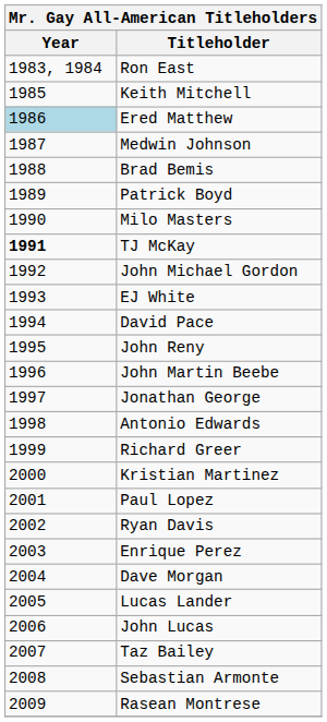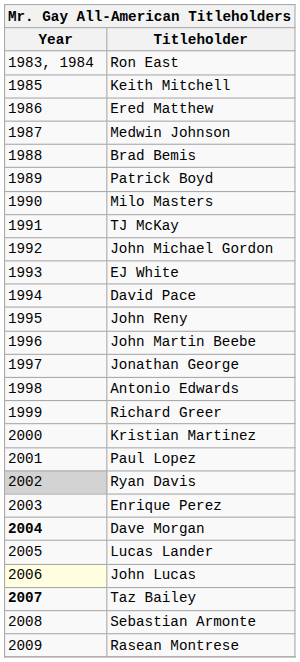 <table class="wikitable collapsible">
 <tr>
 <th colspan="2">Mr. Gay All-American Titleholders</th>
 </tr>
 <tr>
 <th>Year</th>
 <th>Titleholder</th>
 </tr>
 <tr>
 <td>1983, 1984</td>
 <td>Ron East</td>
 </tr>
 <tr>
 <td>1985</td>
 <td>Keith Mitchell</td>
 </tr>
 <tr>
-<td style="background: lightblue;">1986</td>
+<td>1986</td>
 <td>Ered Matthew</td>
 </tr>
 <tr>
 <td>1987</td>
 <td>Medwin Johnson</td>
 </tr>
 <tr>
 <td>1988</td>
 <td>Brad Bemis</td>
 </tr>
 <tr>
 <td>1989</td>
 <td>Patrick Boyd</td>
 </tr>
 <tr>
 <td>1990</td>
 <td>Milo Masters</td>
 </tr>
 <tr>
-<td><strong>1991</strong></td>
+<td>1991</td>
 <td>TJ McKay</td>
 </tr>
 <tr>
 <td>1992</td>
 <td>John Michael Gordon</td>
 </tr>
 <tr>
 <td>1993</td>
 <td>EJ White</td>
 </tr>
 <tr>
 <td>1994</td>
 <td>David Pace</td>
 </tr>
 <tr>
 <td>1995</td>
 <td>John Reny</td>
 </tr>
 <tr>
 <td>1996</td>
 <td>John Martin Beebe</td>
 </tr>
 <tr>
 <td>1997</td>
 <td>Jonathan George</td>
 </tr>
 <tr>
 <td>1998</td>
 <td>Antonio Edwards</td>
 </tr>
 <tr>
 <td>1999</td>
 <td>Richard Greer</td>
 </tr>
 <tr>
 <td>2000</td>
 <td>Kristian Martinez</td>
 </tr>
 <tr>
 <td>2001</td>
 <td>Paul Lopez</td>
 </tr>
 <tr>
-<td>2002</td>
+<td style="background: lightgrey;">2002</td>
 <td>Ryan Davis</td>
 </tr>
 <tr>
 <td>2003</td>
 <td>Enrique Perez</td>
 </tr>
 <tr>
-<td>2004</td>
+<td><strong>2004</strong></td>
 <td>Dave Morgan</td>
 </tr>
 <tr>
 <td>2005</td>
 <td>Lucas Lander</td>
 </tr>
 <tr>
-<td>2006</td>
+<td style="background: lightyellow;">2006</td>
 <td>John Lucas</td>
 </tr>
 <tr>
-<td>2007</td>
+<td><strong>2007</strong></td>
 <td>Taz Bailey</td>
 </tr>
 <tr>
 <td>2008</td>
 <td>Sebastian Armonte</td>
 </tr>
 <tr>
 <td>2009</td>
 <td>Rasean Montrese</td>
 </tr>
 <tr>
 </tr>
 </table>
